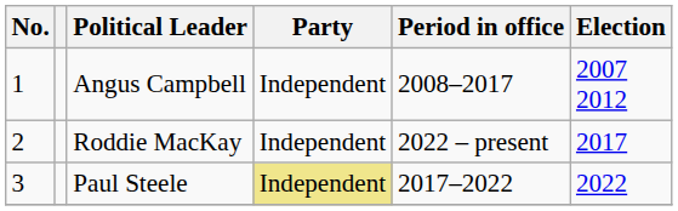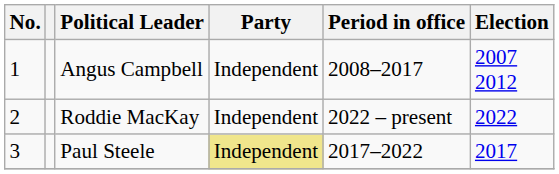 <table class="wikitable" style="font-size:95%;">
 <tr>
 <th>No.</th>
 <th></th>
 <th>Political Leader</th>
 <th>Party</th>
 <th>Period in office</th>
 <th>Election</th>
 </tr>
 <tr>
 <td>1</td>
 <td style="background-color:"></td>
 <td>Angus Campbell</td>
 <td>Independent</td>
 <td>2008–2017</td>
 <td><a href='#'>2007</a> <br> <a href='#'>2012</a></td>
 </tr>
 <tr>
 <td>2</td>
 <td style="background-color:"></td>
 <td>Roddie MacKay</td>
 <td>Independent</td>
 <td>2022 – present</td>
-<td><a href='#'>2017</a></td>
+<td><a href='#'>2022</a></td>
 </tr>
 <tr>
 <td>3</td>
 <td style="background-color:"></td>
 <td>Paul Steele</td>
 <td style="background: khaki;">Independent</td>
 <td>2017–2022</td>
-<td><a href='#'>2022</a></td>
+<td><a href='#'>2017</a></td>
 </tr>
 <tr>
 </tr>
 </table>
